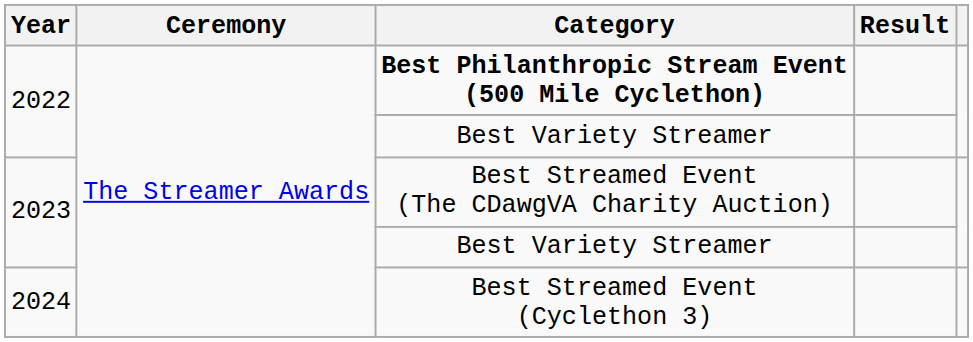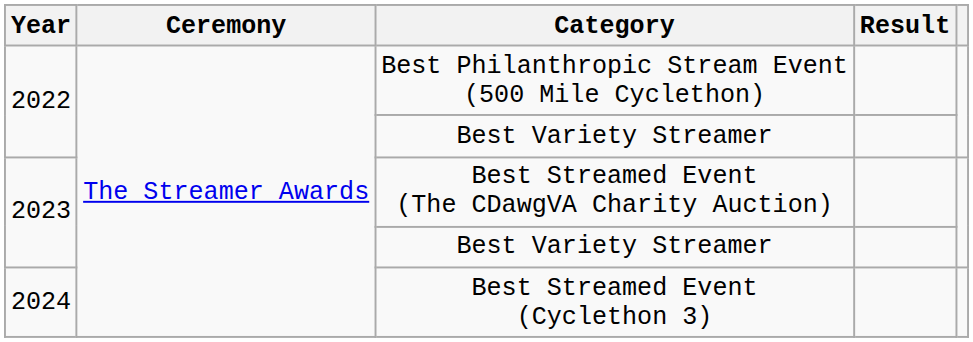 <table class="wikitable" style="text-align:center;">
 <tr>
 <th>Year</th>
 <th>Ceremony</th>
 <th>Category</th>
 <th>Result</th>
 <th></th>
 </tr>
 <tr>
 <td rowspan="2">2022</td>
 <td rowspan="5"><a href='#'>The Streamer Awards</a></td>
-<td><strong>Best Philanthropic Stream Event<br> (500 Mile Cyclethon)</strong></td>
+<td>Best Philanthropic Stream Event<br> (500 Mile Cyclethon)</td>
 <td></td>
 <td rowspan="2"></td>
 </tr>
 <tr>
 <td>Best Variety Streamer</td>
 <td></td>
 </tr>
 <tr>
 <td rowspan="2">2023</td>
 <td>Best Streamed Event<br>(The CDawgVA Charity Auction)</td>
 <td></td>
 <td rowspan="2"></td>
 </tr>
 <tr>
 <td>Best Variety Streamer</td>
 <td></td>
 </tr>
 <tr>
 <td>2024</td>
 <td>Best Streamed Event<br>(Cyclethon 3)</td>
 <td></td>
 <td></td>
 </tr>
 </table>
